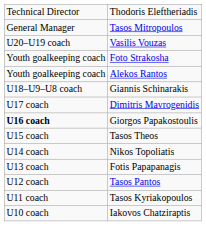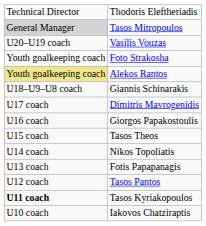 <table class="wikitable" style="text-align: center">
 <tr>
 <td align=left>Technical Director</td>
 <td align=left> Thodoris Eleftheriadis</td>
 </tr>
 <tr>
-<td align=left>General Manager</td>
+<td align=left style="background: lightgrey;">General Manager</td>
 <td align=left> <a href='#'>Tasos Mitropoulos</a></td>
 </tr>
 <tr>
 <td align=left>U20–U19 coach</td>
 <td align=left> <a href='#'>Vasilis Vouzas</a></td>
 </tr>
 <tr>
 <td align=left>Youth goalkeeping coach</td>
 <td align=left> <a href='#'>Foto Strakosha</a></td>
 </tr>
 <tr>
-<td align=left>Youth goalkeeping coach</td>
+<td align=left style="background: khaki;">Youth goalkeeping coach</td>
 <td align=left> <a href='#'>Alekos Rantos</a></td>
 </tr>
 <tr>
 <td align=left>U18–U9–U8 coach</td>
 <td align=left> Giannis Schinarakis</td>
 </tr>
 <tr>
 <td align=left>U17 coach</td>
 <td align=left> <a href='#'>Dimitris Mavrogenidis</a></td>
 </tr>
 <tr>
-<td align=left><strong>U16 coach</strong></td>
+<td align=left>U16 coach</td>
 <td align=left> Giorgos Papakostoulis</td>
 </tr>
 <tr>
 <td align=left>U15 coach</td>
 <td align=left> Tasos Theos</td>
 </tr>
 <tr>
 <td align=left>U14 coach</td>
 <td align=left> Nikos Topoliatis</td>
 </tr>
 <tr>
 <td align=left>U13 coach</td>
 <td align=left> Fotis Papapanagis</td>
 </tr>
 <tr>
 <td align=left>U12 coach</td>
 <td align=left> <a href='#'>Tasos Pantos</a></td>
 </tr>
 <tr>
-<td align=left>U11 coach</td>
+<td align=left><strong>U11 coach</strong></td>
 <td align=left> Tasos Kyriakopoulos</td>
 </tr>
 <tr>
 <td align=left>U10 coach</td>
 <td align=left> Iakovos Chatziraptis</td>
 </tr>
 </table>
